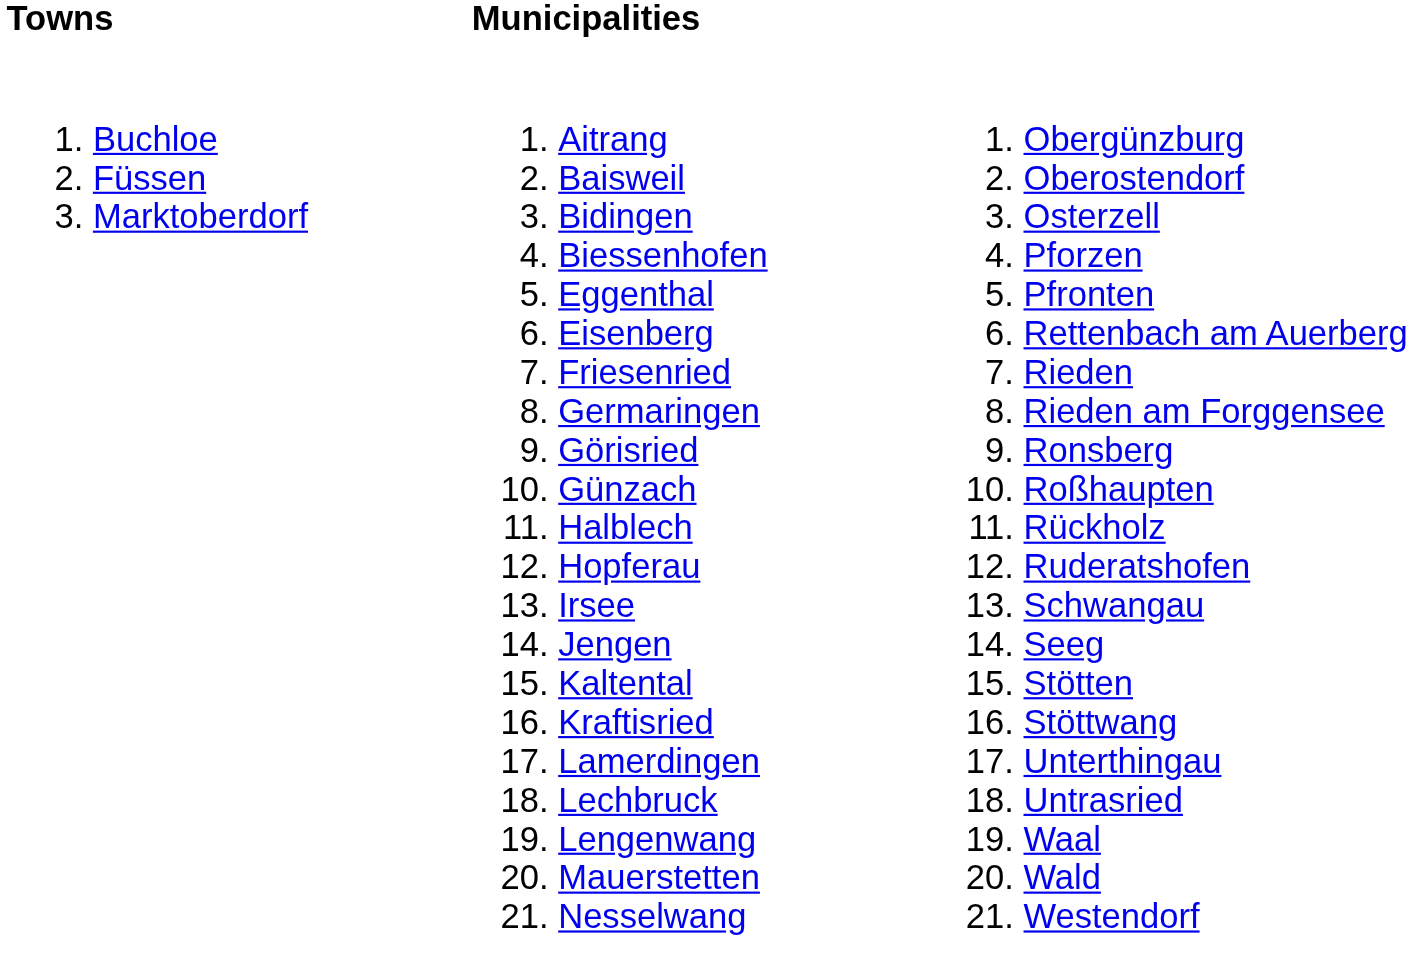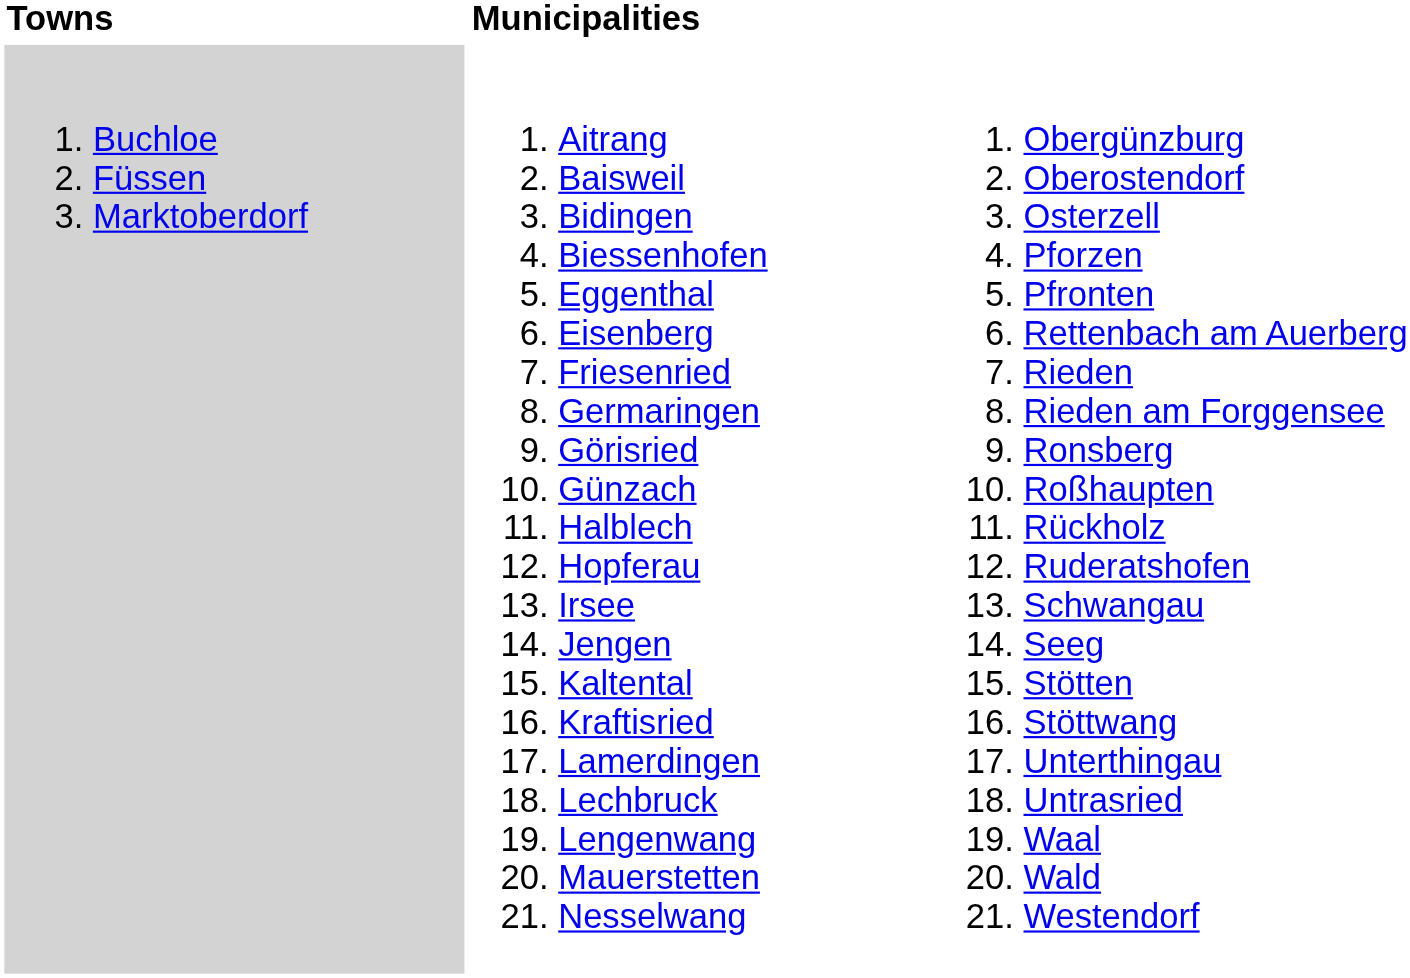 <table>
 <tr>
 <th align=left width=33%>Towns</th>
 <th align=left width=33%>Municipalities</th>
 </tr>
 <tr valign=top>
-<td><br><ol><li><a href='#'>Buchloe</a></li><li><a href='#'>Füssen</a></li><li><a href='#'>Marktoberdorf</a></li></ol></td>
+<td style="background: lightgrey;"><br><ol><li><a href='#'>Buchloe</a></li><li><a href='#'>Füssen</a></li><li><a href='#'>Marktoberdorf</a></li></ol></td>
 <td><br><ol><li><a href='#'>Aitrang</a></li><li><a href='#'>Baisweil</a></li><li><a href='#'>Bidingen</a></li><li><a href='#'>Biessenhofen</a></li><li><a href='#'>Eggenthal</a></li><li><a href='#'>Eisenberg</a></li><li><a href='#'>Friesenried</a></li><li><a href='#'>Germaringen</a></li><li><a href='#'>Görisried</a></li><li><a href='#'>Günzach</a></li><li><a href='#'>Halblech</a></li><li><a href='#'>Hopferau</a></li><li><a href='#'>Irsee</a></li><li><a href='#'>Jengen</a></li><li><a href='#'>Kaltental</a></li><li><a href='#'>Kraftisried</a></li><li><a href='#'>Lamerdingen</a></li><li><a href='#'>Lechbruck</a></li><li><a href='#'>Lengenwang</a></li><li><a href='#'>Mauerstetten</a></li><li><a href='#'>Nesselwang</a></li></ol></td>
 <td><br><ol> <li><a href='#'>Obergünzburg</a> <li><a href='#'>Oberostendorf</a> <li><a href='#'>Osterzell</a> <li><a href='#'>Pforzen</a> <li><a href='#'>Pfronten</a> <li><a href='#'>Rettenbach am Auerberg</a> <li><a href='#'>Rieden</a> <li><a href='#'>Rieden am Forggensee</a> <li><a href='#'>Ronsberg</a> <li><a href='#'>Roßhaupten</a> <li><a href='#'>Rückholz</a> <li><a href='#'>Ruderatshofen</a> <li><a href='#'>Schwangau</a> <li><a href='#'>Seeg</a> <li><a href='#'>Stötten</a> <li><a href='#'>Stöttwang</a> <li><a href='#'>Unterthingau</a> <li><a href='#'>Untrasried</a> <li><a href='#'>Waal</a> <li><a href='#'>Wald</a> <li><a href='#'>Westendorf</a> </ol></td>
 </tr>
 </table>
